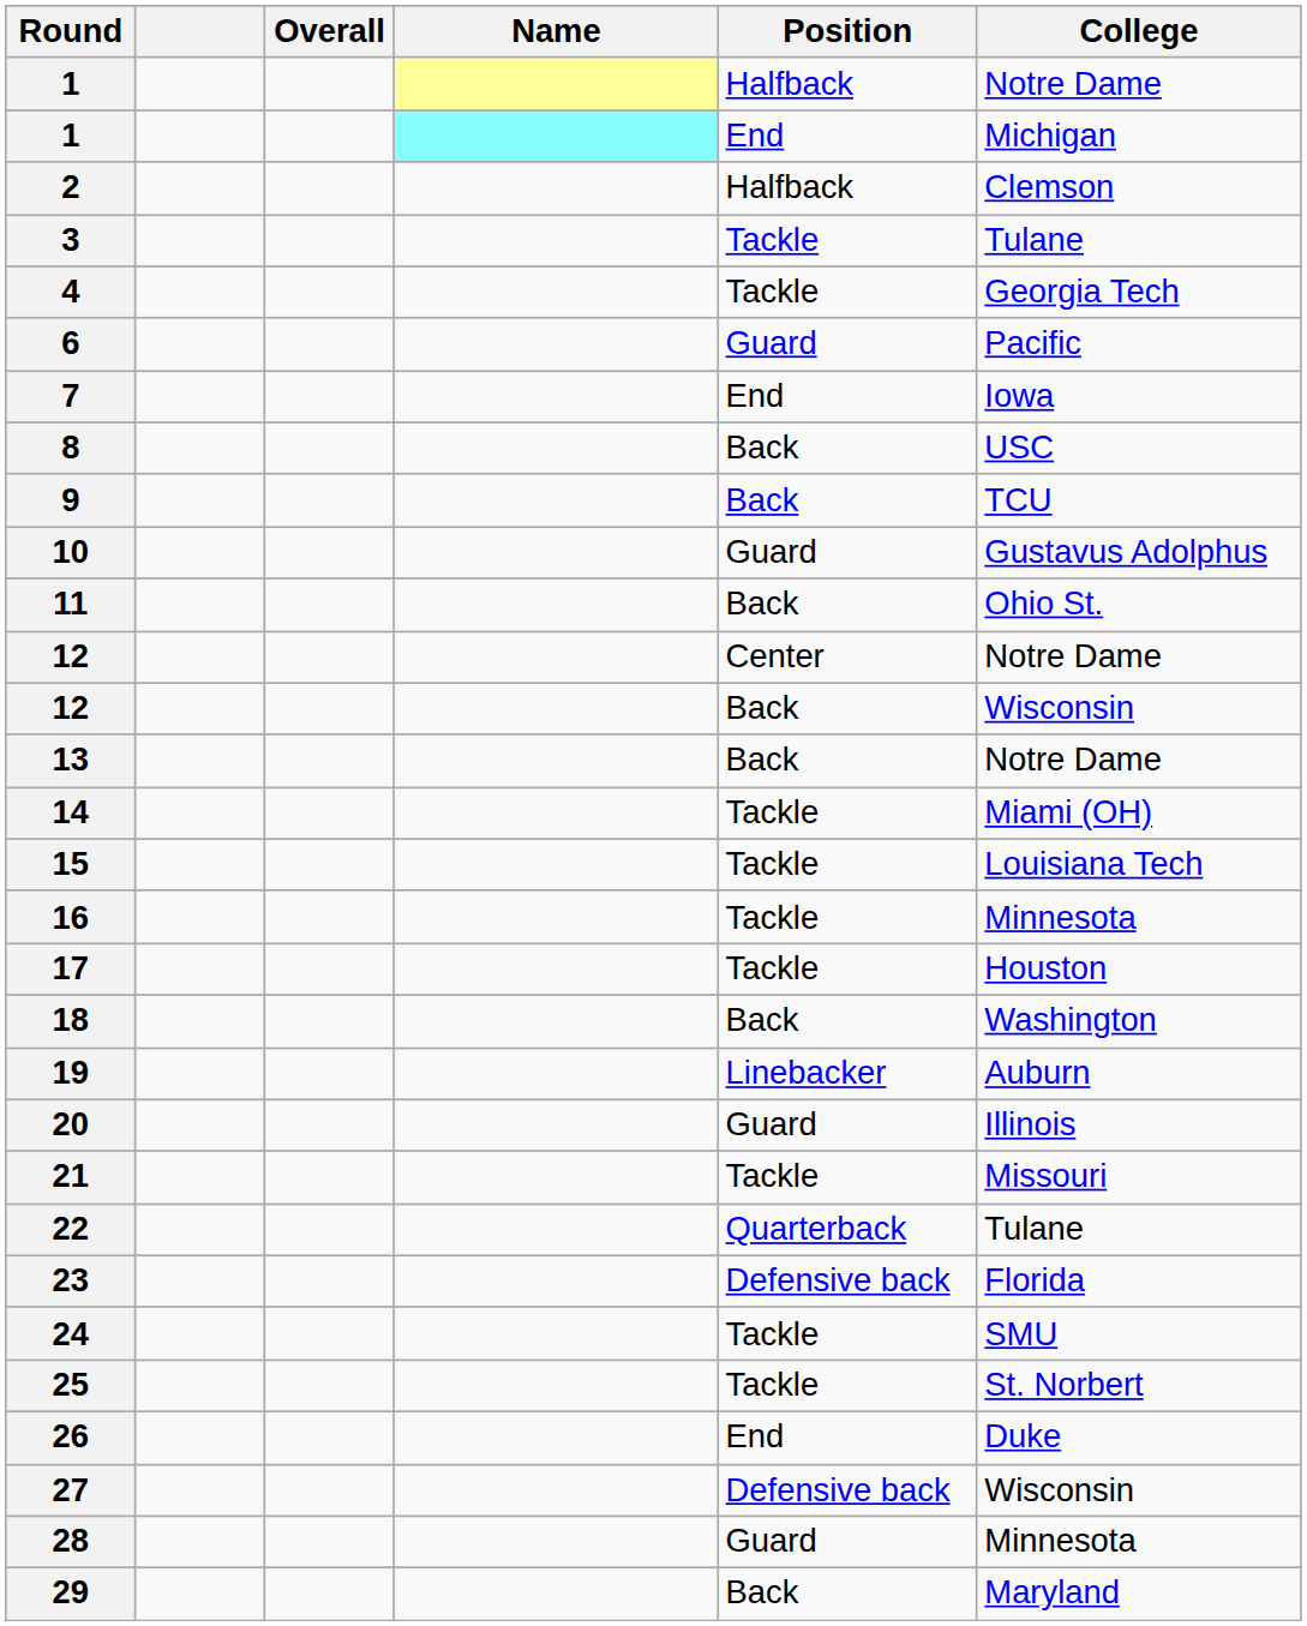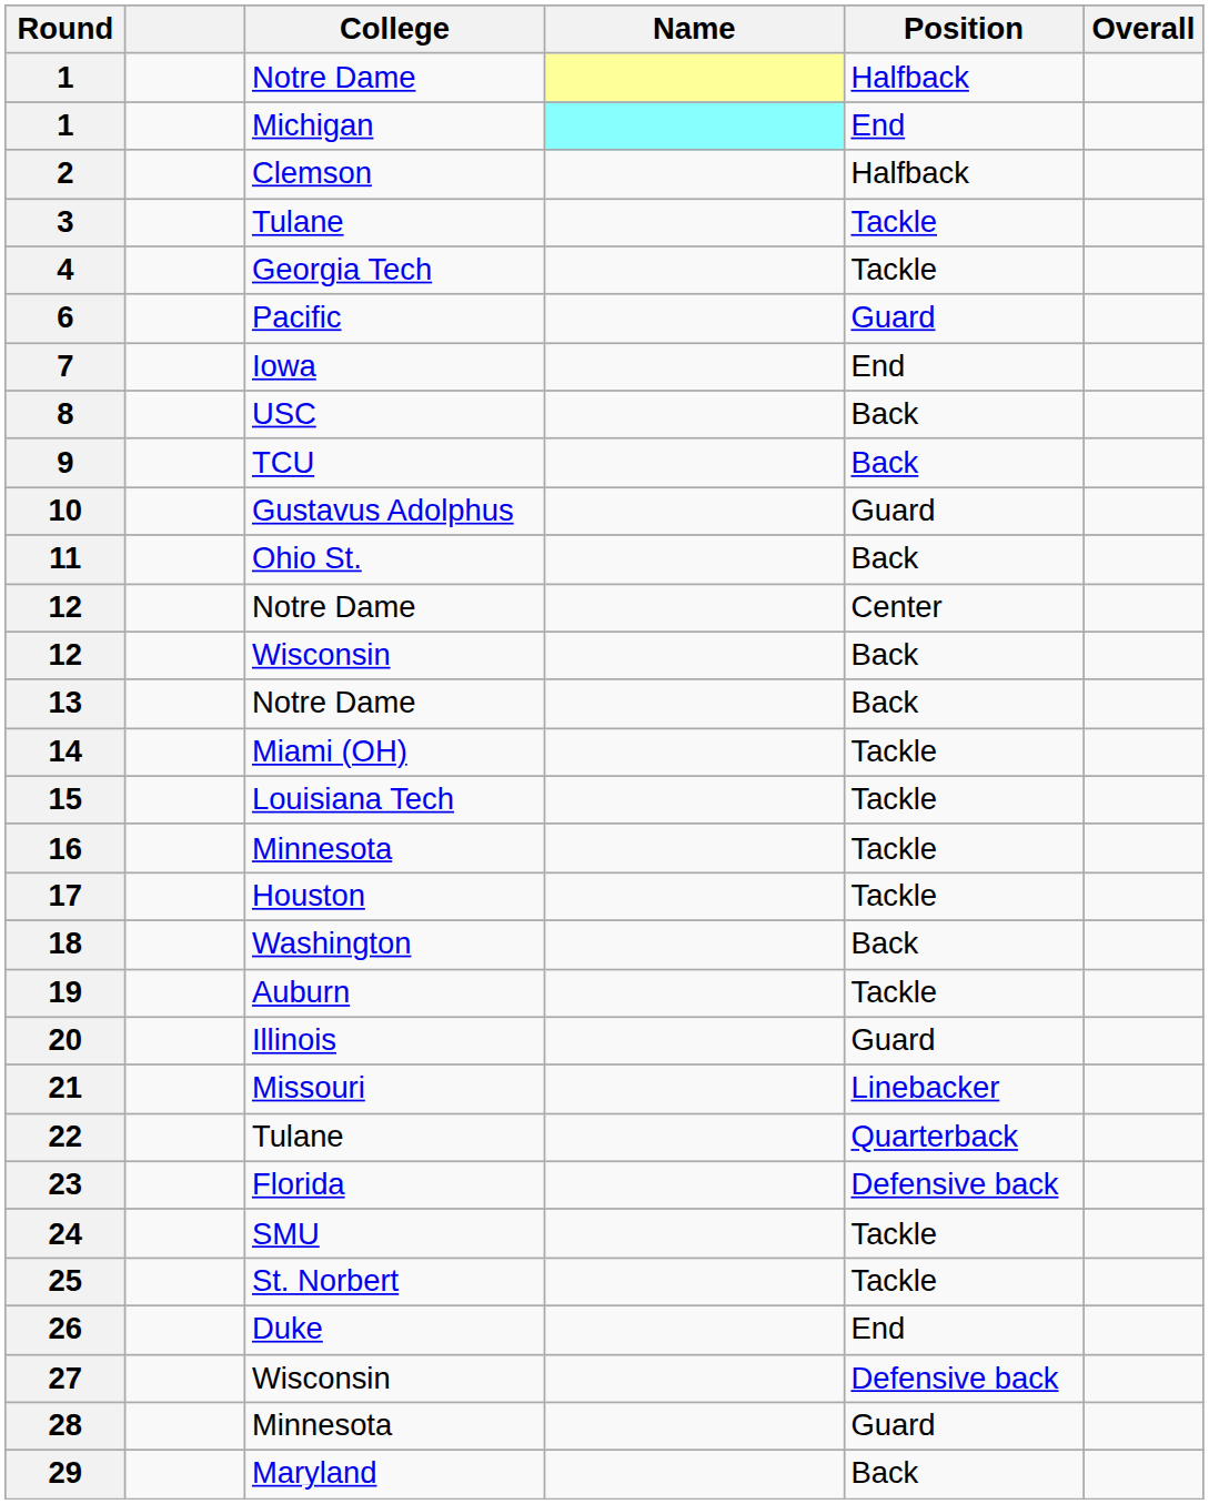 <table class="wikitable sortable" style="width: 50%;">
 <tr>
 <th scope="col" style="width: 10%;">Round</th>
 <th scope="col" style="width: 10%;"></th>
-<th scope="col" style="width: 10%;">Overall</th>
+<th scope="col" style="width: 25%;">College</th>
 <th scope="col" style="width: 25%;">Name</th>
 <th scope="col" style="width: 20%;">Position</th>
-<th scope="col" style="width: 25%;">College</th>
+<th scope="col" style="width: 10%;">Overall</th>
 </tr>
 <tr>
 <th scope="row">1</th>
 <td></td>
-<td></td>
+<td><a href='#'>Notre Dame</a></td>
 <td style="background:#FFFF99;"> </td>
 <td><a href='#'>Halfback</a></td>
-<td><a href='#'>Notre Dame</a></td>
+<td></td>
 </tr>
 <tr>
 <th scope="row">1</th>
 <td></td>
-<td></td>
+<td><a href='#'>Michigan</a></td>
 <td style="background:#88FFFF;"> <sup></sup></td>
 <td><a href='#'>End</a></td>
-<td><a href='#'>Michigan</a></td>
+<td></td>
 </tr>
 <tr>
 <th scope="row">2</th>
 <td></td>
-<td></td>
+<td><a href='#'>Clemson</a></td>
 <td></td>
 <td>Halfback</td>
-<td><a href='#'>Clemson</a></td>
+<td></td>
 </tr>
 <tr>
 <th scope="row">3</th>
 <td></td>
-<td></td>
+<td><a href='#'>Tulane</a></td>
 <td></td>
 <td><a href='#'>Tackle</a></td>
-<td><a href='#'>Tulane</a></td>
+<td></td>
 </tr>
 <tr>
 <th scope="row">4</th>
 <td></td>
-<td></td>
+<td><a href='#'>Georgia Tech</a></td>
 <td></td>
 <td>Tackle</td>
-<td><a href='#'>Georgia Tech</a></td>
+<td></td>
 </tr>
 <tr>
 <th scope="row">6</th>
 <td></td>
-<td></td>
+<td><a href='#'>Pacific</a></td>
 <td></td>
 <td><a href='#'>Guard</a></td>
-<td><a href='#'>Pacific</a></td>
+<td></td>
 </tr>
 <tr>
 <th scope="row">7</th>
 <td></td>
-<td></td>
+<td><a href='#'>Iowa</a></td>
 <td></td>
 <td>End</td>
-<td><a href='#'>Iowa</a></td>
+<td></td>
 </tr>
 <tr>
 <th scope="row">8</th>
 <td></td>
-<td></td>
+<td><a href='#'>USC</a></td>
 <td></td>
 <td>Back</td>
-<td><a href='#'>USC</a></td>
+<td></td>
 </tr>
 <tr>
 <th scope="row">9</th>
 <td></td>
-<td></td>
+<td><a href='#'>TCU</a></td>
 <td></td>
 <td><a href='#'>Back</a></td>
-<td><a href='#'>TCU</a></td>
+<td></td>
 </tr>
 <tr>
 <th scope="row">10</th>
 <td></td>
-<td></td>
+<td><a href='#'>Gustavus Adolphus</a></td>
 <td></td>
 <td>Guard</td>
-<td><a href='#'>Gustavus Adolphus</a></td>
+<td></td>
 </tr>
 <tr>
 <th scope="row">11</th>
 <td></td>
-<td></td>
+<td><a href='#'>Ohio St.</a></td>
 <td></td>
 <td>Back</td>
-<td><a href='#'>Ohio St.</a></td>
+<td></td>
 </tr>
 <tr>
 <th scope="row">12</th>
 <td></td>
-<td></td>
+<td>Notre Dame</td>
 <td></td>
 <td>Center</td>
-<td>Notre Dame</td>
+<td></td>
 </tr>
 <tr>
 <th scope="row">12</th>
 <td></td>
-<td></td>
+<td><a href='#'>Wisconsin</a></td>
 <td></td>
 <td>Back</td>
-<td><a href='#'>Wisconsin</a></td>
+<td></td>
 </tr>
 <tr>
 <th scope="row">13</th>
 <td></td>
-<td></td>
+<td>Notre Dame</td>
 <td></td>
 <td>Back</td>
-<td>Notre Dame</td>
+<td></td>
 </tr>
 <tr>
 <th scope="row">14</th>
 <td></td>
-<td></td>
+<td><a href='#'>Miami (OH)</a></td>
 <td></td>
 <td>Tackle</td>
-<td><a href='#'>Miami (OH)</a></td>
+<td></td>
 </tr>
 <tr>
 <th scope="row">15</th>
 <td></td>
-<td></td>
+<td><a href='#'>Louisiana Tech</a></td>
 <td></td>
 <td>Tackle</td>
-<td><a href='#'>Louisiana Tech</a></td>
+<td></td>
 </tr>
 <tr>
 <th scope="row">16</th>
 <td></td>
-<td></td>
+<td><a href='#'>Minnesota</a></td>
 <td></td>
 <td>Tackle</td>
-<td><a href='#'>Minnesota</a></td>
+<td></td>
 </tr>
 <tr>
 <th scope="row">17</th>
 <td></td>
-<td></td>
+<td><a href='#'>Houston</a></td>
 <td></td>
 <td>Tackle</td>
-<td><a href='#'>Houston</a></td>
+<td></td>
 </tr>
 <tr>
 <th scope="row">18</th>
 <td></td>
-<td></td>
+<td><a href='#'>Washington</a></td>
 <td></td>
 <td>Back</td>
-<td><a href='#'>Washington</a></td>
+<td></td>
 </tr>
 <tr>
 <th scope="row">19</th>
 <td></td>
+<td><a href='#'>Auburn</a></td>
 <td></td>
+<td>Tackle</td>
 <td></td>
-<td><a href='#'>Linebacker</a></td>
-<td><a href='#'>Auburn</a></td>
 </tr>
 <tr>
 <th scope="row">20</th>
 <td></td>
-<td></td>
+<td><a href='#'>Illinois</a></td>
 <td></td>
 <td>Guard</td>
-<td><a href='#'>Illinois</a></td>
+<td></td>
 </tr>
 <tr>
 <th scope="row">21</th>
 <td></td>
+<td><a href='#'>Missouri</a></td>
 <td></td>
+<td><a href='#'>Linebacker</a></td>
 <td></td>
-<td>Tackle</td>
-<td><a href='#'>Missouri</a></td>
 </tr>
 <tr>
 <th scope="row">22</th>
 <td></td>
-<td></td>
+<td>Tulane</td>
 <td></td>
 <td><a href='#'>Quarterback</a></td>
-<td>Tulane</td>
+<td></td>
 </tr>
 <tr>
 <th scope="row">23</th>
 <td></td>
-<td></td>
+<td><a href='#'>Florida</a></td>
 <td></td>
 <td><a href='#'>Defensive back</a></td>
-<td><a href='#'>Florida</a></td>
+<td></td>
 </tr>
 <tr>
 <th scope="row">24</th>
 <td></td>
-<td></td>
+<td><a href='#'>SMU</a></td>
 <td></td>
 <td>Tackle</td>
-<td><a href='#'>SMU</a></td>
+<td></td>
 </tr>
 <tr>
 <th scope="row">25</th>
 <td></td>
-<td></td>
+<td><a href='#'>St. Norbert</a></td>
 <td></td>
 <td>Tackle</td>
-<td><a href='#'>St. Norbert</a></td>
+<td></td>
 </tr>
 <tr>
 <th scope="row">26</th>
 <td></td>
-<td></td>
+<td><a href='#'>Duke</a></td>
 <td></td>
 <td>End</td>
-<td><a href='#'>Duke</a></td>
+<td></td>
 </tr>
 <tr>
 <th scope="row">27</th>
 <td></td>
-<td></td>
+<td>Wisconsin</td>
 <td></td>
 <td><a href='#'>Defensive back</a></td>
-<td>Wisconsin</td>
+<td></td>
 </tr>
 <tr>
 <th scope="row">28</th>
 <td></td>
-<td></td>
+<td>Minnesota</td>
 <td></td>
 <td>Guard</td>
-<td>Minnesota</td>
+<td></td>
 </tr>
 <tr>
 <th scope="row">29</th>
 <td></td>
-<td></td>
+<td><a href='#'>Maryland</a></td>
 <td></td>
 <td>Back</td>
-<td><a href='#'>Maryland</a></td>
+<td></td>
 </tr>
 </table>
